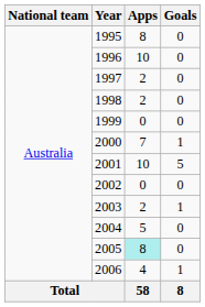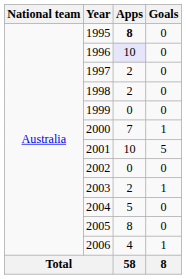 <table class="wikitable" style="text-align:center">
 <tr>
 <th>National team</th>
 <th>Year</th>
 <th>Apps</th>
 <th>Goals</th>
 </tr>
 <tr>
 <td rowspan="12"><a href='#'>Australia</a></td>
 <td>1995</td>
-<td>8</td>
+<td><strong>8</strong></td>
 <td>0</td>
 </tr>
 <tr>
 <td>1996</td>
-<td>10</td>
+<td style="background: lavender;">10</td>
 <td>0</td>
 </tr>
 <tr>
 <td>1997</td>
 <td>2</td>
 <td>0</td>
 </tr>
 <tr>
 <td>1998</td>
 <td>2</td>
 <td>0</td>
 </tr>
 <tr>
 <td>1999</td>
 <td>0</td>
 <td>0</td>
 </tr>
 <tr>
 <td>2000</td>
 <td>7</td>
 <td>1</td>
 </tr>
 <tr>
 <td>2001</td>
 <td>10</td>
 <td>5</td>
 </tr>
 <tr>
 <td>2002</td>
 <td>0</td>
 <td>0</td>
 </tr>
 <tr>
 <td>2003</td>
 <td>2</td>
 <td>1</td>
 </tr>
 <tr>
 <td>2004</td>
 <td>5</td>
 <td>0</td>
 </tr>
 <tr>
 <td>2005</td>
-<td style="background: paleturquoise;">8</td>
+<td>8</td>
 <td>0</td>
 </tr>
 <tr>
 <td>2006</td>
 <td>4</td>
 <td>1</td>
 </tr>
 <tr>
 <th colspan="2">Total</th>
 <th>58</th>
 <th>8</th>
 </tr>
 </table>
